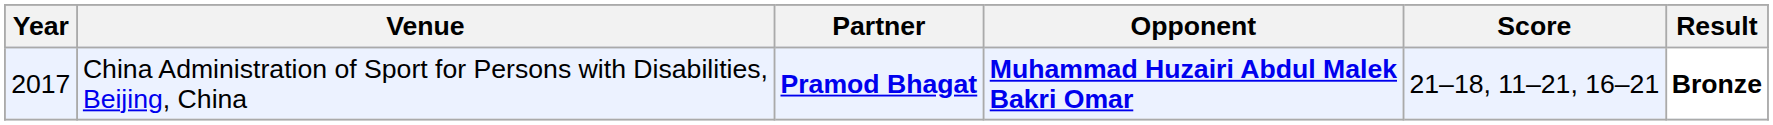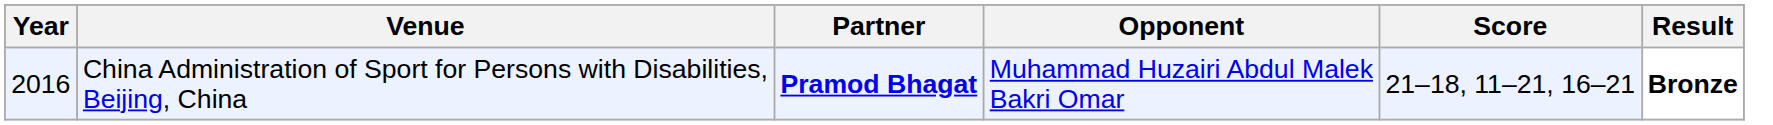 <table class="sortable wikitable" style="font-size: 90%;">
 <tr>
 <th>Year</th>
 <th>Venue</th>
 <th>Partner</th>
 <th>Opponent</th>
 <th>Score</th>
 <th>Result</th>
 </tr>
 <tr style="background:#ECF2FF">
-<td align="center">2017</td>
+<td align="center">2016</td>
 <td align="left">China Administration of Sport for Persons with Disabilities,<br><a href='#'>Beijing</a>, China</td>
 <td align="left"><strong> <a href='#'>Pramod Bhagat</a></strong></td>
-<td align="left"><strong> <a href='#'>Muhammad Huzairi Abdul Malek</a><br> <a href='#'>Bakri Omar</a></strong></td>
+<td align="left"> <a href='#'>Muhammad Huzairi Abdul Malek</a><br> <a href='#'>Bakri Omar</a></td>
 <td align="left">21–18, 11–21, 16–21</td>
 <td style="text-align:left; background:white"> <strong>Bronze</strong></td>
 </tr>
 </table>
